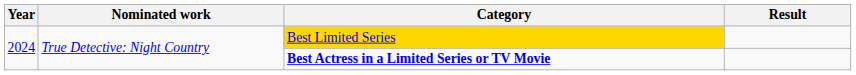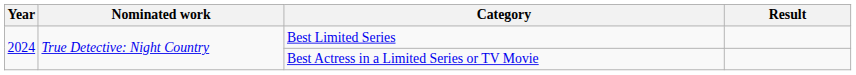 <table class=wikitable>
 <tr>
 <th width=4%>Year</th>
 <th width=29%>Nominated work</th>
 <th width=52%>Category</th>
 <th width=15%>Result</th>
 </tr>
 <tr>
 <td rowspan=2><a href='#'>2024</a></td>
 <td rowspan=2><em><a href='#'>True Detective: Night Country</a></em></td>
-<td style="background: gold;"><a href='#'>Best Limited Series</a></td>
+<td><a href='#'>Best Limited Series</a></td>
 <td></td>
 </tr>
 <tr>
-<td><strong><a href='#'>Best Actress in a Limited Series or TV Movie</a></strong></td>
+<td><a href='#'>Best Actress in a Limited Series or TV Movie</a></td>
 <td></td>
 </tr>
 </table>
